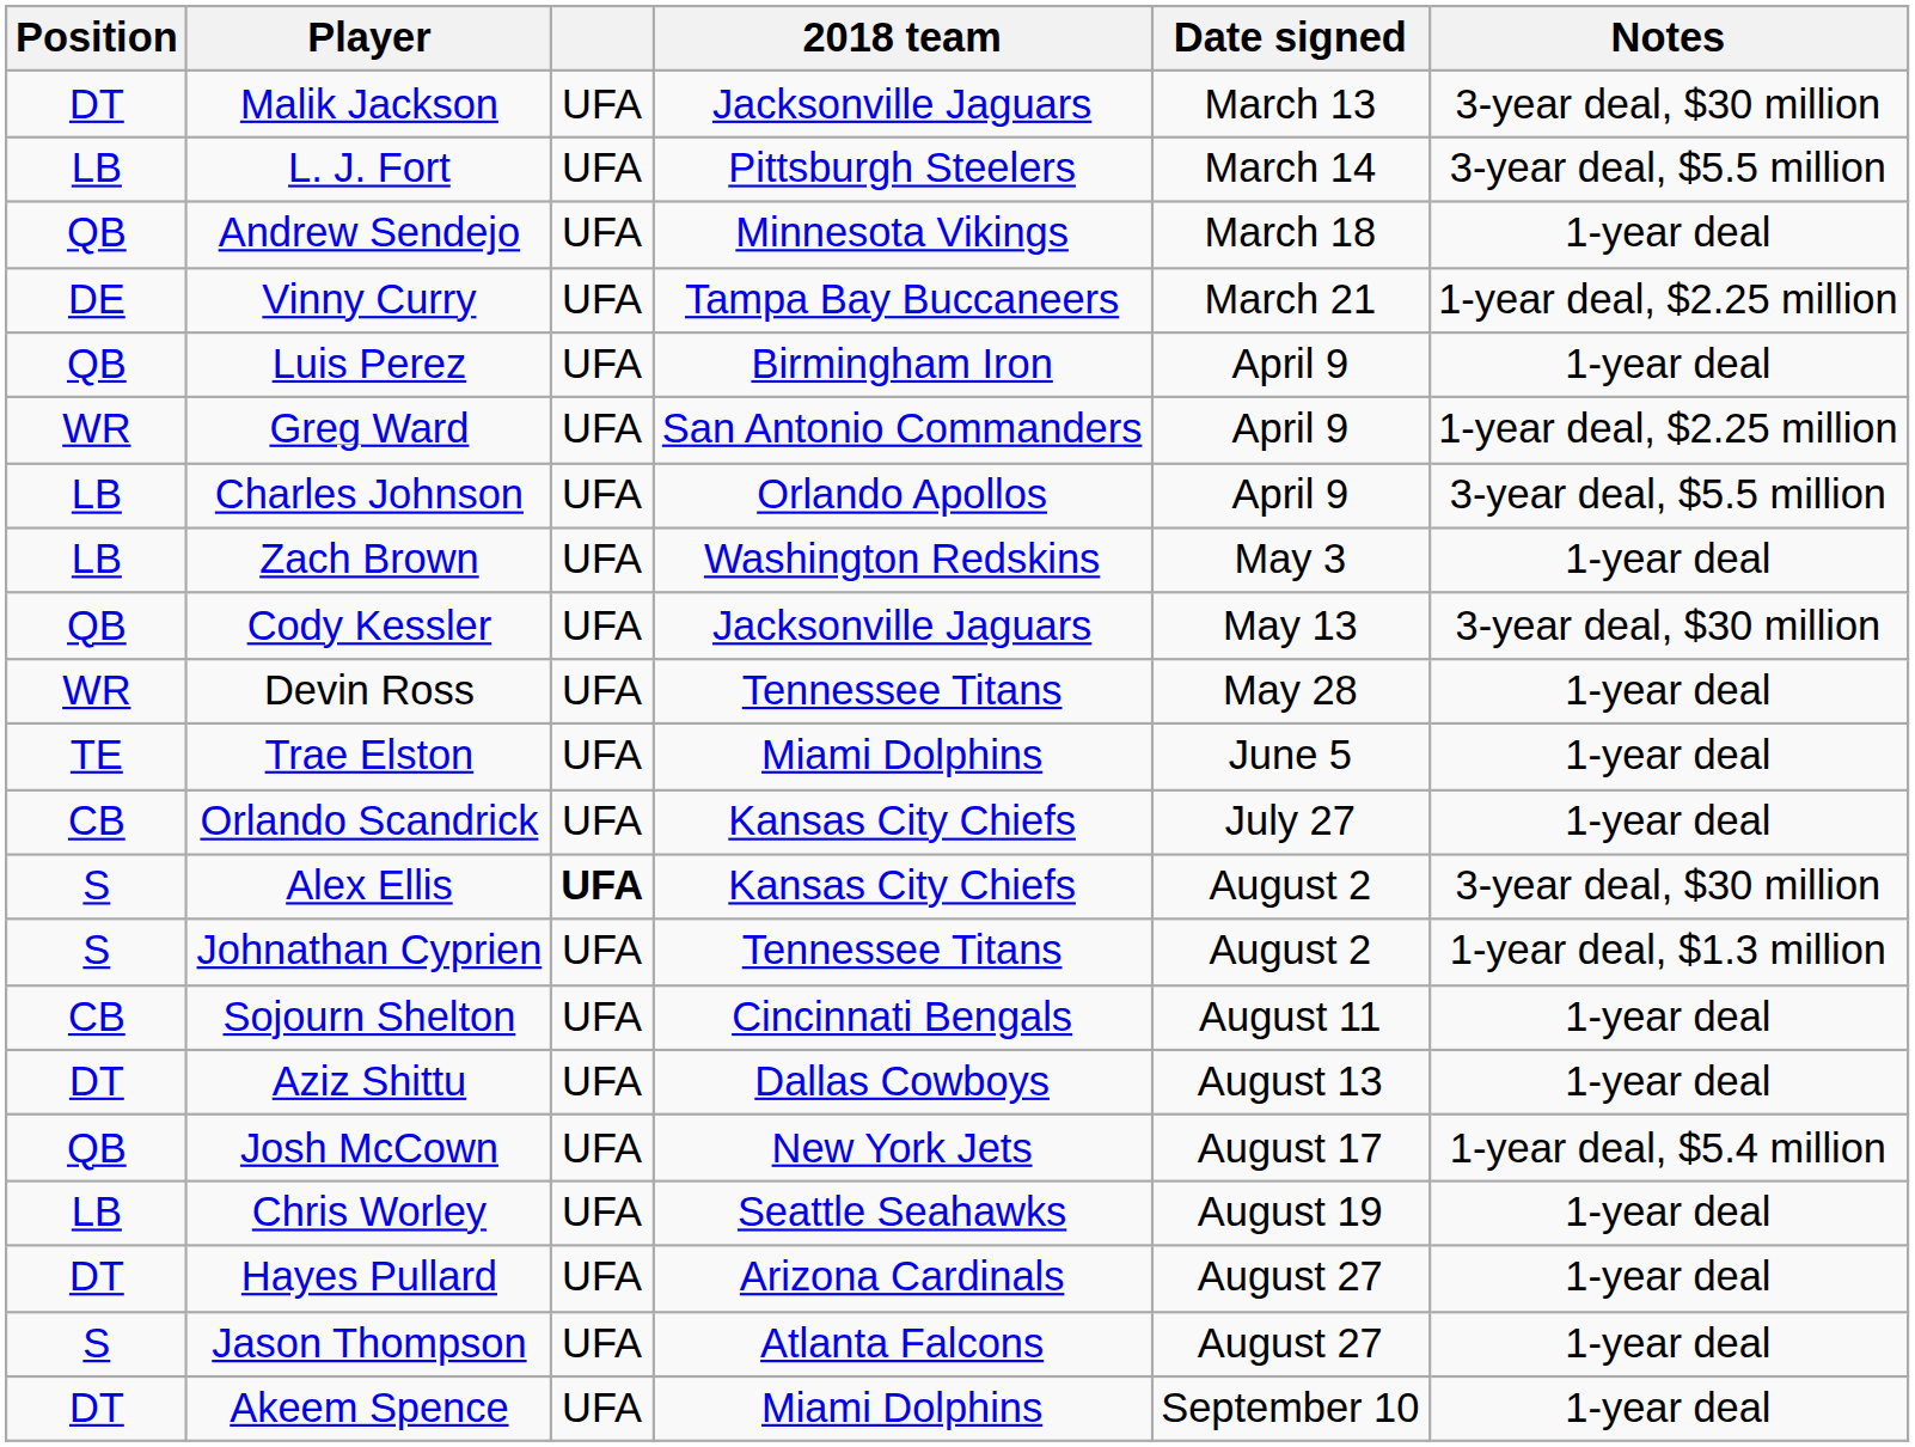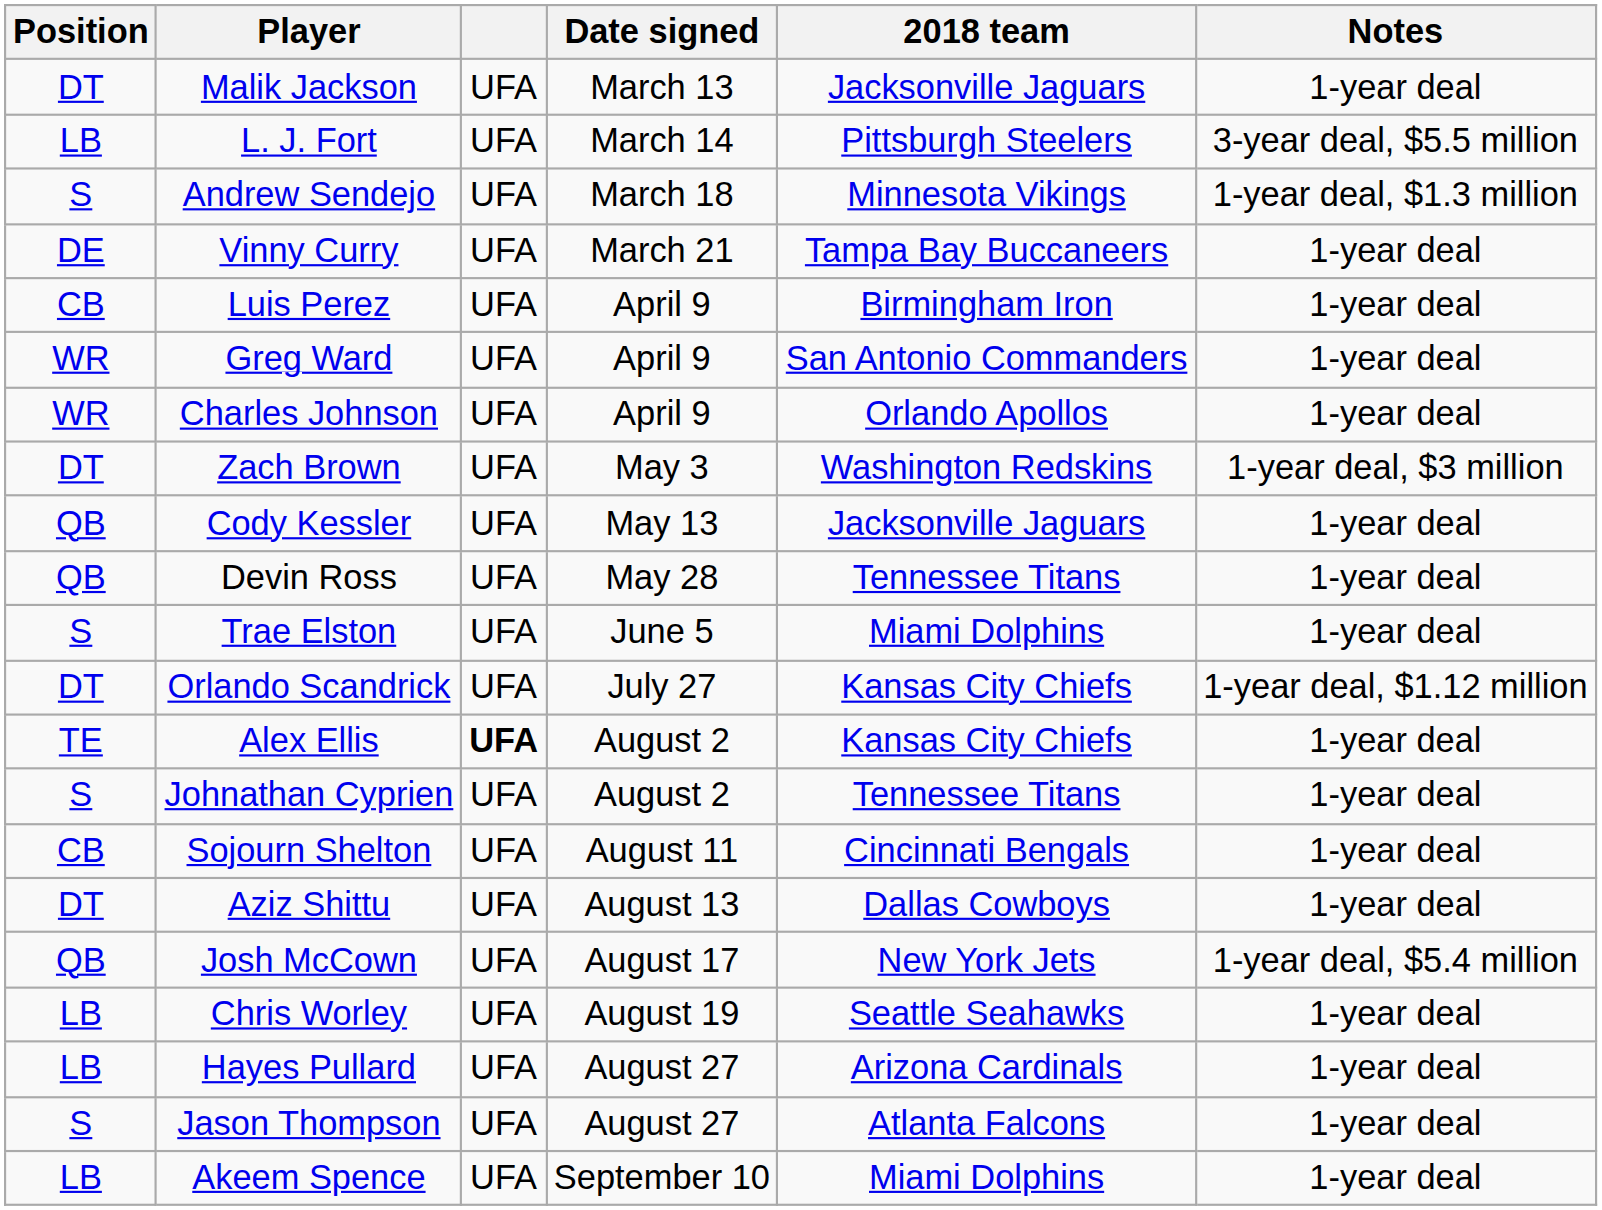 <table class="wikitable" style="text-align:center">
 <tr>
 <th>Position</th>
 <th>Player</th>
 <th></th>
+<th>Date signed</th>
 <th>2018 team</th>
-<th>Date signed</th>
 <th>Notes</th>
 </tr>
 <tr>
 <td><a href='#'>DT</a></td>
 <td><a href='#'>Malik Jackson</a></td>
 <td>UFA</td>
+<td>March 13</td>
 <td><a href='#'>Jacksonville Jaguars</a></td>
-<td>March 13</td>
-<td>3-year deal, $30 million</td>
+<td>1-year deal</td>
 </tr>
 <tr>
 <td><a href='#'>LB</a></td>
 <td><a href='#'>L. J. Fort</a></td>
 <td>UFA</td>
+<td>March 14</td>
 <td><a href='#'>Pittsburgh Steelers</a></td>
-<td>March 14</td>
 <td>3-year deal, $5.5 million</td>
 </tr>
 <tr>
-<td><a href='#'>QB</a></td>
+<td><a href='#'>S</a></td>
 <td><a href='#'>Andrew Sendejo</a></td>
 <td>UFA</td>
+<td>March 18</td>
 <td><a href='#'>Minnesota Vikings</a></td>
-<td>March 18</td>
-<td>1-year deal</td>
+<td>1-year deal, $1.3 million</td>
 </tr>
 <tr>
 <td><a href='#'>DE</a></td>
 <td><a href='#'>Vinny Curry</a></td>
 <td>UFA</td>
+<td>March 21</td>
 <td><a href='#'>Tampa Bay Buccaneers</a></td>
-<td>March 21</td>
-<td>1-year deal, $2.25 million</td>
+<td>1-year deal</td>
 </tr>
 <tr>
-<td><a href='#'>QB</a></td>
+<td><a href='#'>CB</a></td>
 <td><a href='#'>Luis Perez</a></td>
 <td>UFA</td>
+<td>April 9</td>
 <td><a href='#'>Birmingham Iron</a></td>
-<td>April 9</td>
 <td>1-year deal</td>
 </tr>
 <tr>
 <td><a href='#'>WR</a></td>
 <td><a href='#'>Greg Ward</a></td>
 <td>UFA</td>
+<td>April 9</td>
 <td><a href='#'>San Antonio Commanders</a></td>
-<td>April 9</td>
-<td>1-year deal, $2.25 million</td>
+<td>1-year deal</td>
 </tr>
 <tr>
-<td><a href='#'>LB</a></td>
+<td><a href='#'>WR</a></td>
 <td><a href='#'>Charles Johnson</a></td>
 <td>UFA</td>
+<td>April 9</td>
 <td><a href='#'>Orlando Apollos</a></td>
-<td>April 9</td>
-<td>3-year deal, $5.5 million</td>
+<td>1-year deal</td>
 </tr>
 <tr>
-<td><a href='#'>LB</a></td>
+<td><a href='#'>DT</a></td>
 <td><a href='#'>Zach Brown</a></td>
 <td>UFA</td>
+<td>May 3</td>
 <td><a href='#'>Washington Redskins</a></td>
-<td>May 3</td>
-<td>1-year deal</td>
+<td>1-year deal, $3 million</td>
 </tr>
 <tr>
 <td><a href='#'>QB</a></td>
 <td><a href='#'>Cody Kessler</a></td>
 <td>UFA</td>
+<td>May 13</td>
 <td><a href='#'>Jacksonville Jaguars</a></td>
-<td>May 13</td>
-<td>3-year deal, $30 million</td>
-</tr>
-<tr>
-<td><a href='#'>WR</a></td>
-<td>Devin Ross</td>
-<td>UFA</td>
-<td><a href='#'>Tennessee Titans</a></td>
-<td>May 28</td>
 <td>1-year deal</td>
 </tr>
 <tr>
-<td><a href='#'>TE</a></td>
-<td><a href='#'>Trae Elston</a></td>
+<td><a href='#'>QB</a></td>
+<td>Devin Ross</td>
 <td>UFA</td>
-<td><a href='#'>Miami Dolphins</a></td>
-<td>June 5</td>
-<td>1-year deal</td>
-</tr>
-<tr>
-<td><a href='#'>CB</a></td>
-<td><a href='#'>Orlando Scandrick</a></td>
-<td>UFA</td>
-<td><a href='#'>Kansas City Chiefs</a></td>
-<td>July 27</td>
+<td>May 28</td>
+<td><a href='#'>Tennessee Titans</a></td>
 <td>1-year deal</td>
 </tr>
 <tr>
 <td><a href='#'>S</a></td>
+<td><a href='#'>Trae Elston</a></td>
+<td>UFA</td>
+<td>June 5</td>
+<td><a href='#'>Miami Dolphins</a></td>
+<td>1-year deal</td>
+</tr>
+<tr>
+<td><a href='#'>DT</a></td>
+<td><a href='#'>Orlando Scandrick</a></td>
+<td>UFA</td>
+<td>July 27</td>
+<td><a href='#'>Kansas City Chiefs</a></td>
+<td>1-year deal, $1.12 million</td>
+</tr>
+<tr>
+<td><a href='#'>TE</a></td>
 <td><a href='#'>Alex Ellis</a></td>
 <td><strong>UFA</strong></td>
+<td>August 2</td>
 <td><a href='#'>Kansas City Chiefs</a></td>
-<td>August 2</td>
-<td>3-year deal, $30 million</td>
+<td>1-year deal</td>
 </tr>
 <tr>
 <td><a href='#'>S</a></td>
 <td><a href='#'>Johnathan Cyprien</a></td>
 <td>UFA</td>
+<td>August 2</td>
 <td><a href='#'>Tennessee Titans</a></td>
-<td>August 2</td>
-<td>1-year deal, $1.3 million</td>
+<td>1-year deal</td>
 </tr>
 <tr>
 <td><a href='#'>CB</a></td>
 <td><a href='#'>Sojourn Shelton</a></td>
 <td>UFA</td>
+<td>August 11</td>
 <td><a href='#'>Cincinnati Bengals</a></td>
-<td>August 11</td>
 <td>1-year deal</td>
 </tr>
 <tr>
 <td><a href='#'>DT</a></td>
 <td><a href='#'>Aziz Shittu</a></td>
 <td>UFA</td>
+<td>August 13</td>
 <td><a href='#'>Dallas Cowboys</a></td>
-<td>August 13</td>
 <td>1-year deal</td>
 </tr>
 <tr>
 <td><a href='#'>QB</a></td>
 <td><a href='#'>Josh McCown</a></td>
 <td>UFA</td>
+<td>August 17</td>
 <td><a href='#'>New York Jets</a></td>
-<td>August 17</td>
 <td>1-year deal, $5.4 million</td>
 </tr>
 <tr>
 <td><a href='#'>LB</a></td>
 <td><a href='#'>Chris Worley</a></td>
 <td>UFA</td>
+<td>August 19</td>
 <td><a href='#'>Seattle Seahawks</a></td>
-<td>August 19</td>
 <td>1-year deal</td>
 </tr>
 <tr>
-<td><a href='#'>DT</a></td>
+<td><a href='#'>LB</a></td>
 <td><a href='#'>Hayes Pullard</a></td>
 <td>UFA</td>
+<td>August 27</td>
 <td><a href='#'>Arizona Cardinals</a></td>
-<td>August 27</td>
 <td>1-year deal</td>
 </tr>
 <tr>
 <td><a href='#'>S</a></td>
 <td><a href='#'>Jason Thompson</a></td>
 <td>UFA</td>
+<td>August 27</td>
 <td><a href='#'>Atlanta Falcons</a></td>
-<td>August 27</td>
 <td>1-year deal</td>
 </tr>
 <tr>
-<td><a href='#'>DT</a></td>
+<td><a href='#'>LB</a></td>
 <td><a href='#'>Akeem Spence</a></td>
 <td>UFA</td>
+<td>September 10</td>
 <td><a href='#'>Miami Dolphins</a></td>
-<td>September 10</td>
 <td>1-year deal</td>
 </tr>
 </table>
